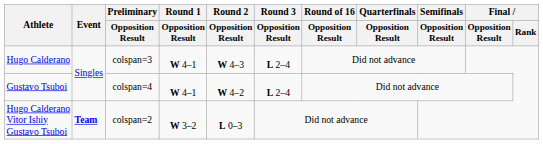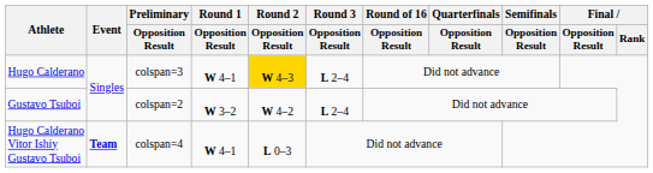 <table class="wikitable" style="font-size:90%;">
 <tr>
 <th rowspan=2>Athlete</th>
 <th rowspan=2>Event</th>
 <th>Preliminary</th>
 <th>Round 1</th>
 <th>Round 2</th>
 <th>Round 3</th>
 <th>Round of 16</th>
 <th>Quarterfinals</th>
 <th>Semifinals</th>
 <th colspan=2>Final / </th>
 </tr>
 <tr style="font-size:95%">
 <th>Opposition<br>Result</th>
 <th>Opposition<br>Result</th>
 <th>Opposition<br>Result</th>
 <th>Opposition<br>Result</th>
 <th>Opposition<br>Result</th>
 <th>Opposition<br>Result</th>
 <th>Opposition<br>Result</th>
 <th>Opposition<br>Result</th>
 <th>Rank</th>
 </tr>
 <tr align=center>
 <td align=left><a href='#'>Hugo Calderano</a></td>
 <td align=left rowspan=2><a href='#'>Singles</a></td>
 <td>colspan=3 </td>
 <td><br><strong>W</strong> 4–1</td>
-<td><br><strong>W</strong> 4–3</td>
+<td style="background: gold;"><br><strong>W</strong> 4–3</td>
 <td><br><strong>L</strong> 2–4</td>
 <td colspan=3>Did not advance</td>
 </tr>
 <tr align=center>
 <td align=left><a href='#'>Gustavo Tsuboi</a></td>
-<td>colspan=4 </td>
-<td><br><strong>W</strong> 4–1</td>
+<td>colspan=2 </td>
+<td><br><strong>W</strong> 3–2</td>
 <td><br><strong>W</strong> 4–2</td>
 <td><br><strong>L</strong> 2–4</td>
 <td colspan=4>Did not advance</td>
 </tr>
 <tr align=center>
 <td align=left><a href='#'>Hugo Calderano</a><br><a href='#'>Vitor Ishiy</a><br><a href='#'>Gustavo Tsuboi</a></td>
 <td align=left><strong><a href='#'>Team</a></strong></td>
-<td>colspan=2 </td>
-<td><br><strong>W</strong> 3–2</td>
+<td>colspan=4 </td>
+<td><br><strong>W</strong> 4–1</td>
 <td><br><strong>L</strong> 0–3</td>
 <td colspan=3>Did not advance</td>
 </tr>
 </table>
